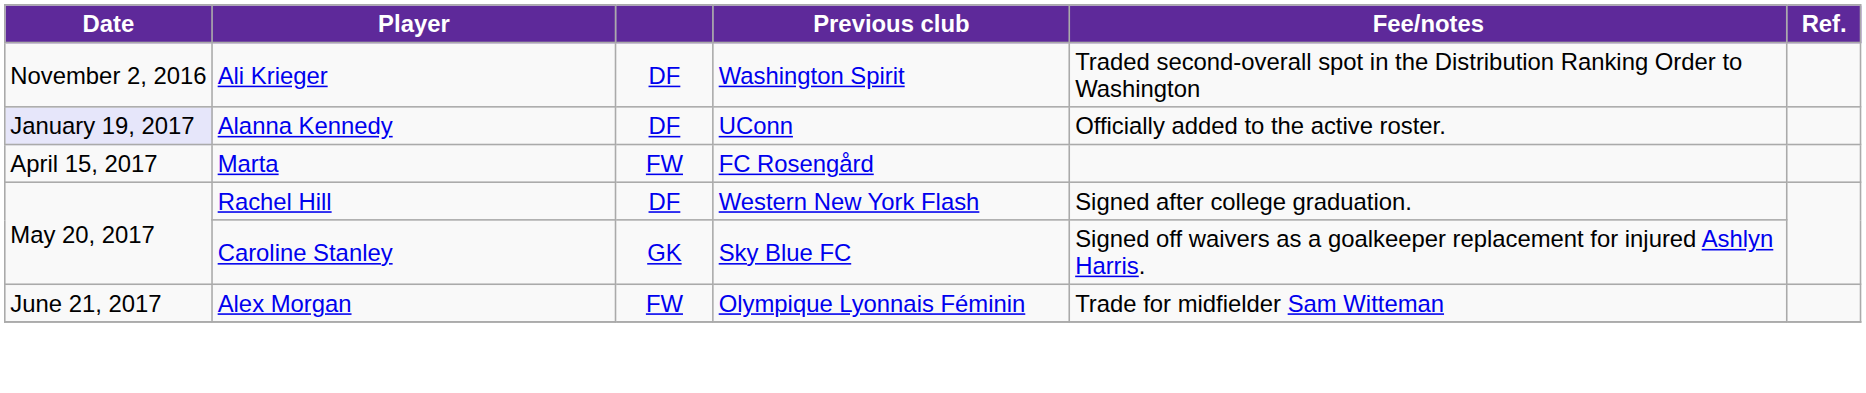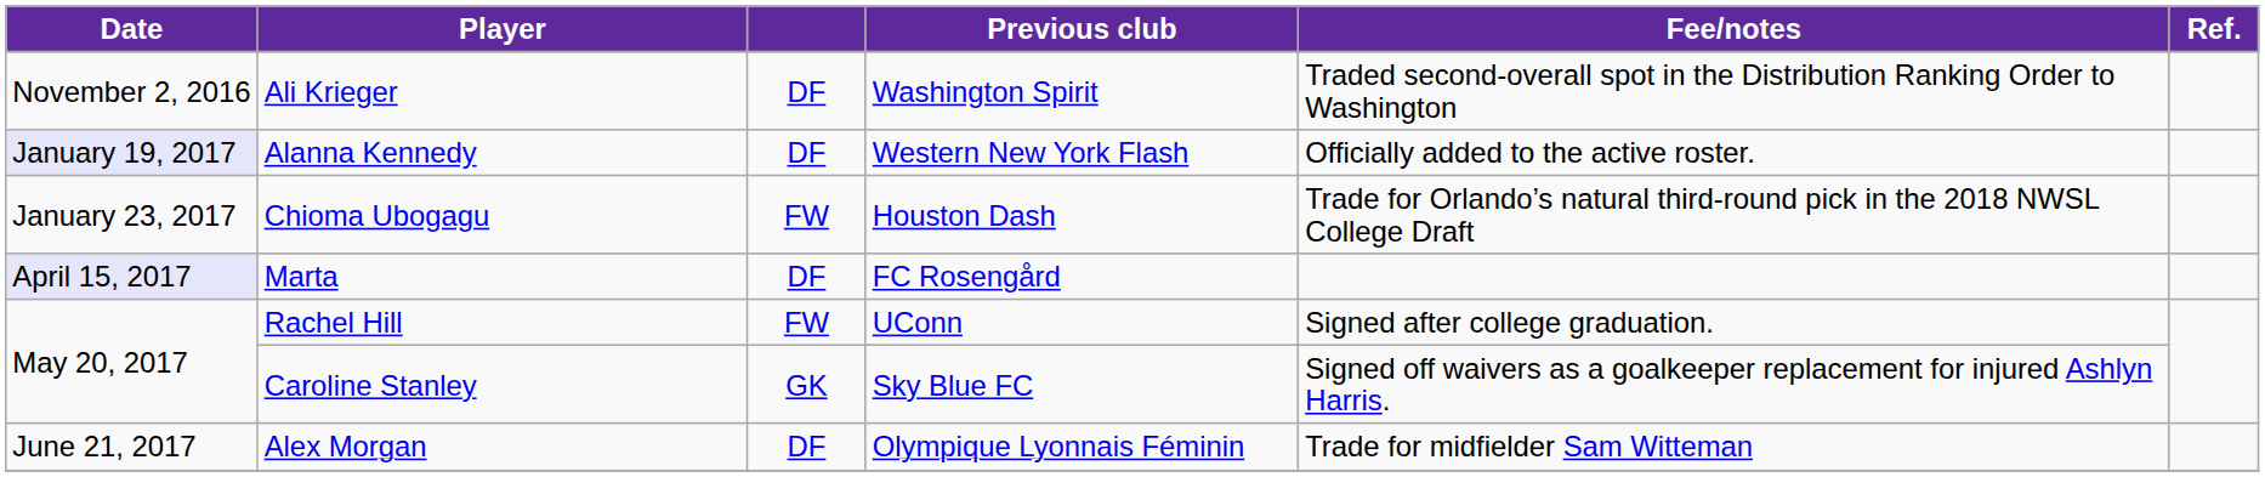 <table class="wikitable" style="text-align:left; font-size:95%;">
 <tr>
 <th style="background:#5E299A; color:white; width:125px;">Date</th>
 <th style="background:#5E299A; color:white; width:250px;">Player</th>
 <th style="background:#5E299A; color:white; width:55px;"></th>
 <th style="background:#5E299A; color:white; width:220px;">Previous club</th>
 <th style="background:#5E299A; color:white; width:450px;">Fee/notes</th>
 <th style="background:#5E299A; color:white; width:40px;">Ref.</th>
 </tr>
 <tr>
 <td>November 2, 2016</td>
 <td> <a href='#'>Ali Krieger</a></td>
 <td style="text-align: center;"><a href='#'>DF</a></td>
 <td> <a href='#'>Washington Spirit</a></td>
 <td>Traded second-overall spot in the Distribution Ranking Order to Washington</td>
 <td></td>
 </tr>
 <tr>
 <td style="background: lavender;">January 19, 2017</td>
 <td> <a href='#'>Alanna Kennedy</a></td>
 <td style="text-align: center;"><a href='#'>DF</a></td>
-<td> <a href='#'>UConn</a></td>
+<td> <a href='#'>Western New York Flash</a></td>
 <td>Officially added to the active roster.</td>
 <td></td>
 </tr>
 <tr>
-<td>April 15, 2017</td>
+<td>January 23, 2017</td>
+<td> <a href='#'>Chioma Ubogagu</a></td>
+<td style="text-align: center;"><a href='#'>FW</a></td>
+<td> <a href='#'>Houston Dash</a></td>
+<td>Trade for Orlando’s natural third-round pick in the 2018 NWSL College Draft</td>
+<td></td>
+</tr>
+<tr>
+<td style="background: lavender;">April 15, 2017</td>
 <td> <a href='#'>Marta</a></td>
-<td style="text-align: center;"><a href='#'>FW</a></td>
+<td style="text-align: center;"><a href='#'>DF</a></td>
 <td> <a href='#'>FC Rosengård</a></td>
 <td></td>
 <td></td>
 </tr>
 <tr>
 <td rowspan=2>May 20, 2017</td>
 <td> <a href='#'>Rachel Hill</a></td>
-<td style="text-align: center;"><a href='#'>DF</a></td>
-<td> <a href='#'>Western New York Flash</a></td>
+<td style="text-align: center;"><a href='#'>FW</a></td>
+<td> <a href='#'>UConn</a></td>
 <td>Signed after college graduation.</td>
 <td rowspan=2></td>
 </tr>
 <tr>
 <td> <a href='#'>Caroline Stanley</a></td>
 <td style="text-align: center;"><a href='#'>GK</a></td>
 <td> <a href='#'>Sky Blue FC</a></td>
 <td>Signed off waivers as a goalkeeper replacement for injured <a href='#'>Ashlyn Harris</a>.</td>
 </tr>
 <tr>
 <td>June 21, 2017</td>
 <td> <a href='#'>Alex Morgan</a></td>
-<td style="text-align: center;"><a href='#'>FW</a></td>
+<td style="text-align: center;"><a href='#'>DF</a></td>
 <td> <a href='#'>Olympique Lyonnais Féminin</a></td>
 <td>Trade for midfielder <a href='#'>Sam Witteman</a></td>
 <td></td>
 </tr>
 <tr>
 </tr>
 </table>
